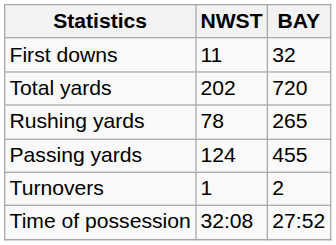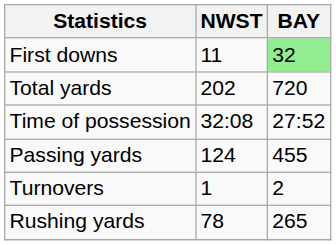 <table class="wikitable">
 <tr>
 <th>Statistics</th>
 <th>NWST</th>
 <th>BAY</th>
 </tr>
 <tr>
 <td>First downs</td>
 <td>11</td>
-<td>32</td>
+<td style="background: lightgreen;">32</td>
 </tr>
 <tr>
 <td>Total yards</td>
 <td>202</td>
 <td>720</td>
 </tr>
 <tr>
-<td>Rushing yards</td>
-<td>78</td>
-<td>265</td>
+<td>Time of possession</td>
+<td>32:08</td>
+<td>27:52</td>
 </tr>
 <tr>
 <td>Passing yards</td>
 <td>124</td>
 <td>455</td>
 </tr>
 <tr>
 <td>Turnovers</td>
 <td>1</td>
 <td>2</td>
 </tr>
 <tr>
-<td>Time of possession</td>
-<td>32:08</td>
-<td>27:52</td>
+<td>Rushing yards</td>
+<td>78</td>
+<td>265</td>
 </tr>
 <tr>
 </tr>
 </table>
